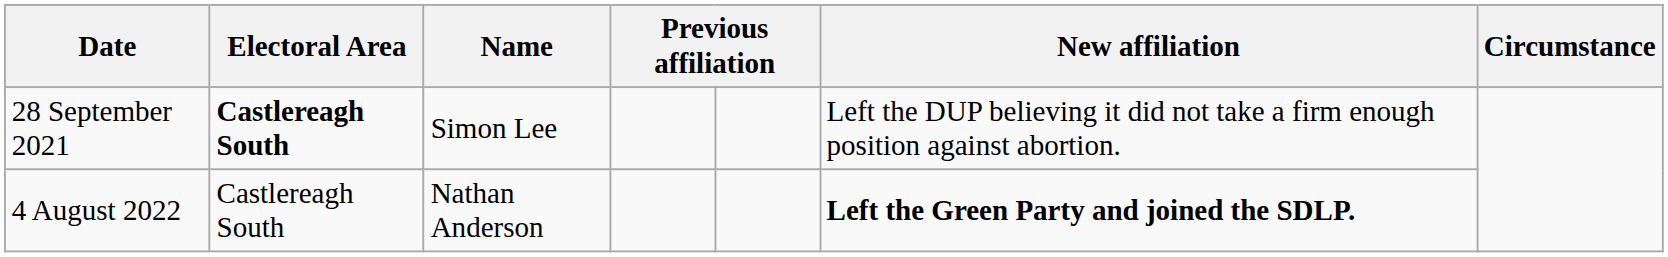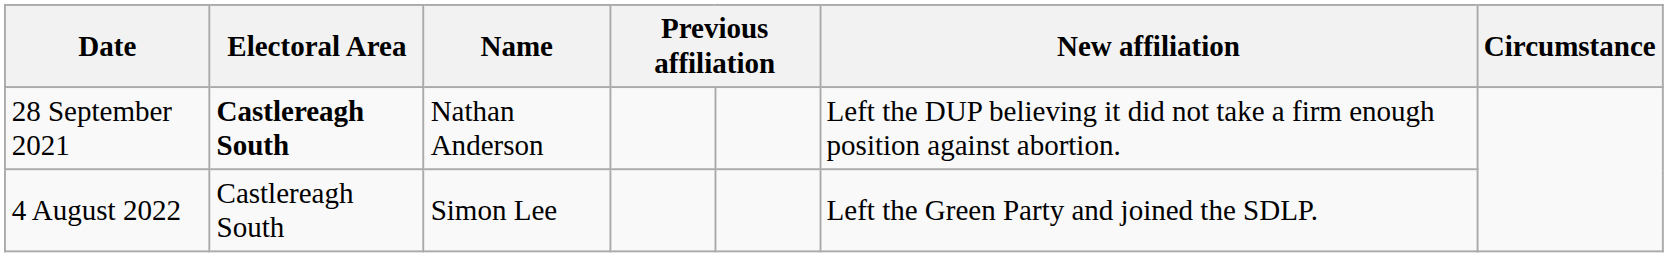 <table class="wikitable" style="font-size: 95%">
 <tr>
 <th>Date</th>
 <th>Electoral Area</th>
 <th>Name</th>
 <th colspan="2">Previous affiliation</th>
 <th colspan="2">New affiliation</th>
 <th>Circumstance</th>
 </tr>
 <tr>
 <td>28 September 2021</td>
 <td><strong>Castlereagh South</strong></td>
-<td>Simon Lee</td>
+<td>Nathan Anderson</td>
 <td></td>
 <td></td>
 <td>Left the DUP believing it did not take a firm enough position against abortion.</td>
 </tr>
 <tr>
 <td>4 August 2022</td>
 <td>Castlereagh South</td>
-<td>Nathan Anderson</td>
+<td>Simon Lee</td>
 <td></td>
 <td></td>
-<td><strong>Left the Green Party and joined the SDLP.</strong></td>
+<td>Left the Green Party and joined the SDLP.</td>
 </tr>
 </table>
